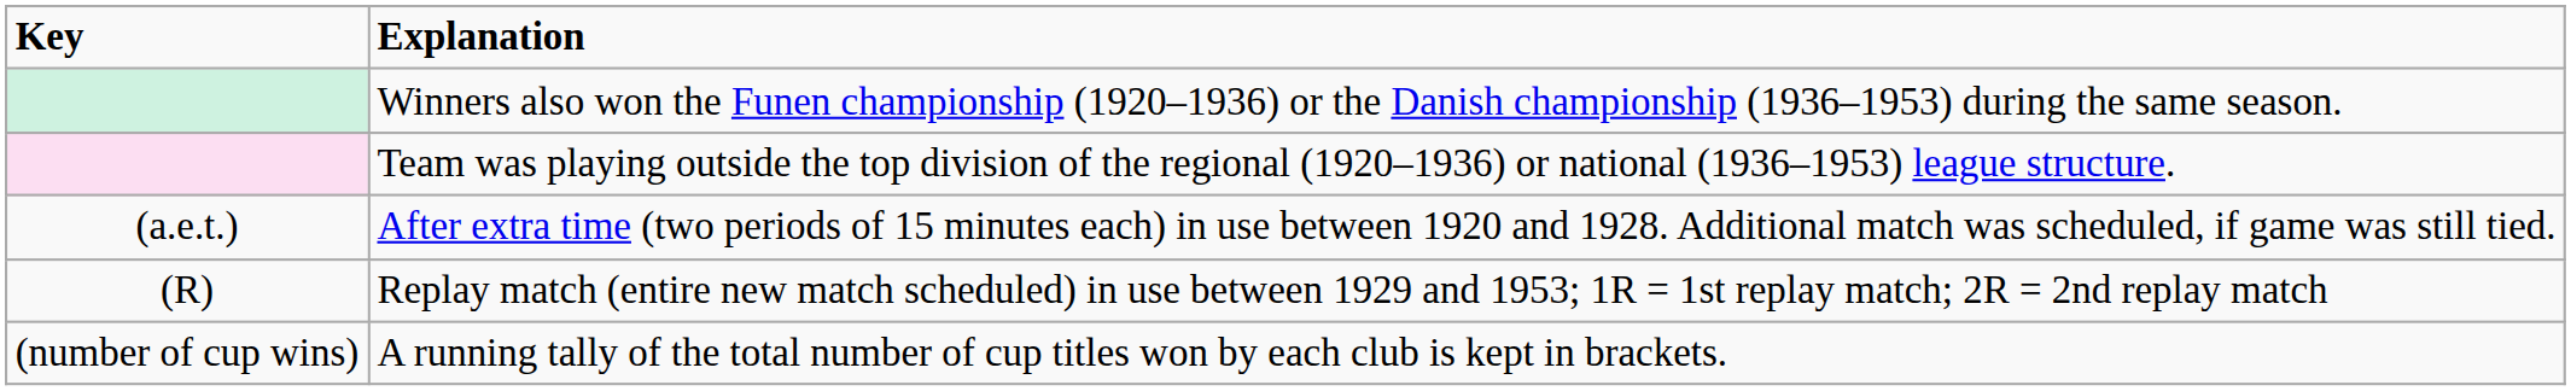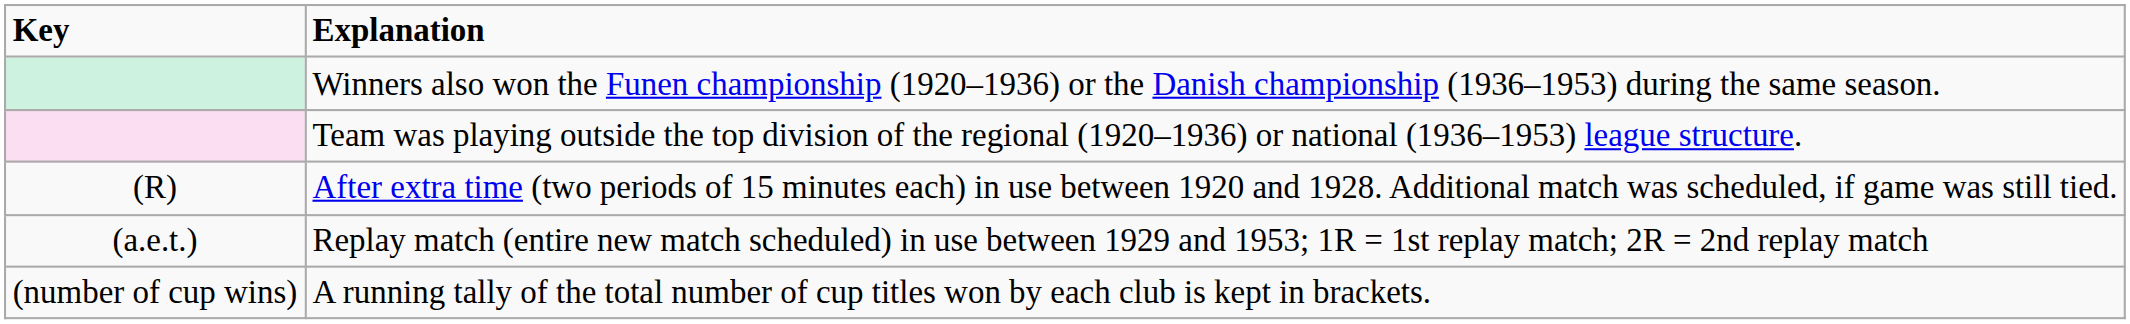 <table class="wikitable">
 <tr>
 <td><strong>Key</strong></td>
 <td><strong>Explanation</strong></td>
 </tr>
 <tr>
 <td bgcolor="#CEF2E0" align="center"><sup></sup></td>
 <td>Winners also won the <a href='#'>Funen championship</a> (1920–1936) or the <a href='#'>Danish championship</a> (1936–1953) during the same season.</td>
 </tr>
 <tr>
 <td bgcolor="FCDEF2" align="center"><sup></sup></td>
 <td>Team was playing outside the top division of the regional (1920–1936) or national (1936–1953) <a href='#'>league structure</a>.</td>
 </tr>
 <tr>
-<td align="center">(a.e.t.)</td>
+<td align="center">(R)</td>
 <td><a href='#'>After extra time</a> (two periods of 15 minutes each) in use between 1920 and 1928. Additional match was scheduled, if game was still tied.</td>
 </tr>
 <tr>
-<td align="center">(R)</td>
+<td align="center">(a.e.t.)</td>
 <td>Replay match (entire new match scheduled) in use between 1929 and 1953; 1R = 1st replay match; 2R = 2nd replay match</td>
 </tr>
 <tr>
 <td align="center">(number of cup wins)</td>
 <td>A running tally of the total number of cup titles won by each club is kept in brackets.</td>
 </tr>
 </table>
